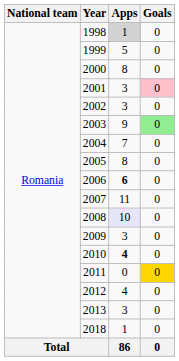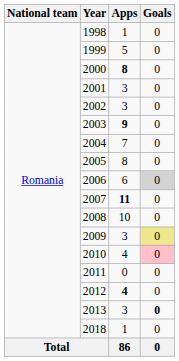 <table class="wikitable" style="text-align: center;">
 <tr>
 <th>National team</th>
 <th>Year</th>
 <th>Apps</th>
 <th>Goals</th>
 </tr>
 <tr>
 <td rowspan="17"><a href='#'>Romania</a></td>
 <td>1998</td>
-<td style="background: lightgrey;">1</td>
+<td>1</td>
 <td>0</td>
 </tr>
 <tr>
 <td>1999</td>
 <td>5</td>
 <td>0</td>
 </tr>
 <tr>
 <td>2000</td>
-<td>8</td>
+<td><strong>8</strong></td>
 <td>0</td>
 </tr>
 <tr>
 <td>2001</td>
 <td>3</td>
-<td style="background: pink;">0</td>
+<td>0</td>
 </tr>
 <tr>
 <td>2002</td>
 <td>3</td>
 <td>0</td>
 </tr>
 <tr>
 <td>2003</td>
-<td>9</td>
-<td style="background: lightgreen;">0</td>
+<td><strong>9</strong></td>
+<td>0</td>
 </tr>
 <tr>
 <td>2004</td>
 <td>7</td>
 <td>0</td>
 </tr>
 <tr>
 <td>2005</td>
 <td>8</td>
 <td>0</td>
 </tr>
 <tr>
 <td>2006</td>
-<td><strong>6</strong></td>
-<td>0</td>
+<td>6</td>
+<td style="background: lightgrey;">0</td>
 </tr>
 <tr>
 <td>2007</td>
-<td>11</td>
+<td><strong>11</strong></td>
 <td>0</td>
 </tr>
 <tr>
 <td>2008</td>
-<td style="background: lavender;">10</td>
+<td>10</td>
 <td>0</td>
 </tr>
 <tr>
 <td>2009</td>
 <td>3</td>
-<td>0</td>
+<td style="background: khaki;">0</td>
 </tr>
 <tr>
 <td>2010</td>
-<td><strong>4</strong></td>
-<td>0</td>
+<td>4</td>
+<td style="background: pink;">0</td>
 </tr>
 <tr>
 <td>2011</td>
 <td>0</td>
-<td style="background: gold;">0</td>
+<td>0</td>
 </tr>
 <tr>
 <td>2012</td>
-<td>4</td>
+<td><strong>4</strong></td>
 <td>0</td>
 </tr>
 <tr>
 <td>2013</td>
 <td>3</td>
-<td>0</td>
+<td><strong>0</strong></td>
 </tr>
 <tr>
 <td>2018</td>
 <td>1</td>
 <td>0</td>
 </tr>
 <tr>
 <th colspan="2">Total</th>
 <th>86</th>
 <th>0</th>
 </tr>
 </table>
